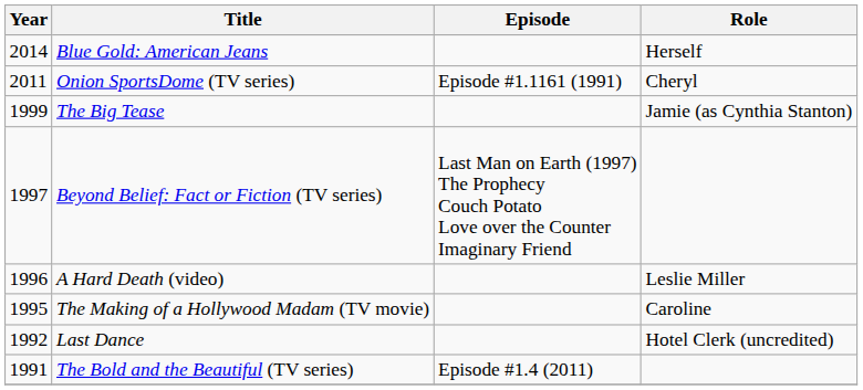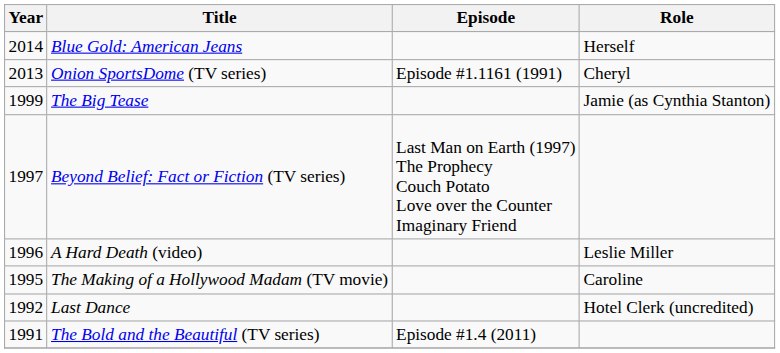 <table class="wikitable sortable">
 <tr>
 <th scope="col">Year</th>
 <th scope="col">Title</th>
 <th scope="col">Episode</th>
 <th scope="col">Role</th>
 </tr>
 <tr>
 <td>2014</td>
 <td><em><a href='#'>Blue Gold: American Jeans</a></em></td>
 <td></td>
 <td>Herself</td>
 </tr>
 <tr>
-<td>2011</td>
+<td>2013</td>
 <td><em><a href='#'>Onion SportsDome</a></em> (TV series)</td>
 <td>Episode #1.1161 (1991)</td>
 <td>Cheryl</td>
 </tr>
 <tr>
 <td>1999</td>
 <td><em><a href='#'>The Big Tease</a></em></td>
 <td></td>
 <td>Jamie (as Cynthia Stanton)</td>
 </tr>
 <tr>
 <td>1997</td>
 <td><em><a href='#'>Beyond Belief: Fact or Fiction</a></em> (TV series)</td>
 <td><br>Last Man on Earth (1997)<br> The Prophecy<br> Couch Potato<br> Love over the Counter<br> Imaginary Friend</td>
 <td></td>
 </tr>
 <tr>
 <td>1996</td>
 <td><em>A Hard Death</em> (video)</td>
 <td></td>
 <td>Leslie Miller</td>
 </tr>
 <tr>
 <td>1995</td>
 <td><em>The Making of a Hollywood Madam</em> (TV movie)</td>
 <td></td>
 <td>Caroline</td>
 </tr>
 <tr>
 <td>1992</td>
 <td><em>Last Dance</em></td>
 <td></td>
 <td>Hotel Clerk (uncredited)</td>
 </tr>
 <tr>
 <td>1991</td>
 <td><em><a href='#'>The Bold and the Beautiful</a></em> (TV series)</td>
 <td>Episode #1.4 (2011)</td>
 <td></td>
 </tr>
 <tr>
 </tr>
 </table>
